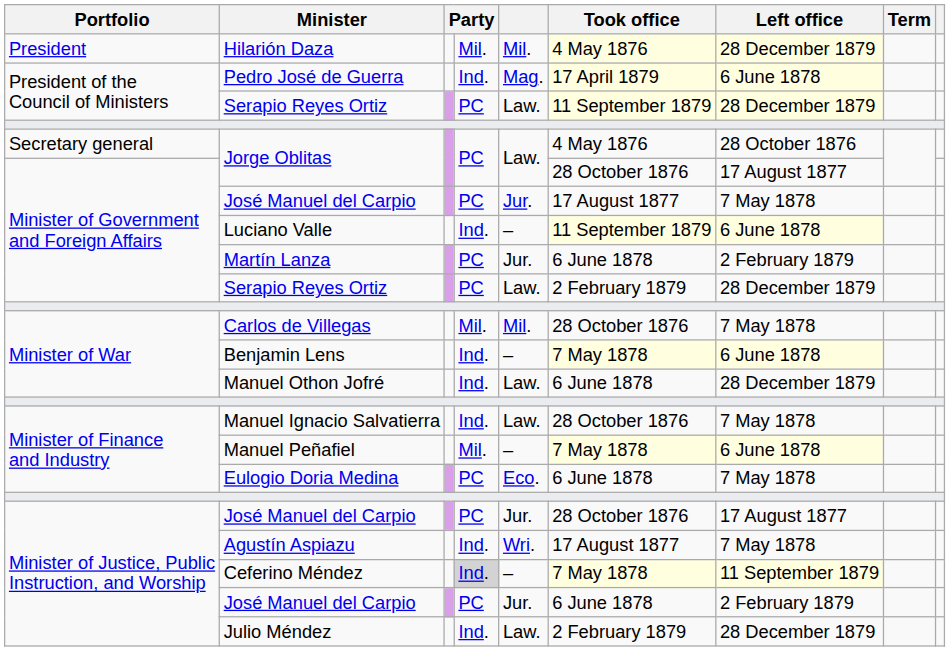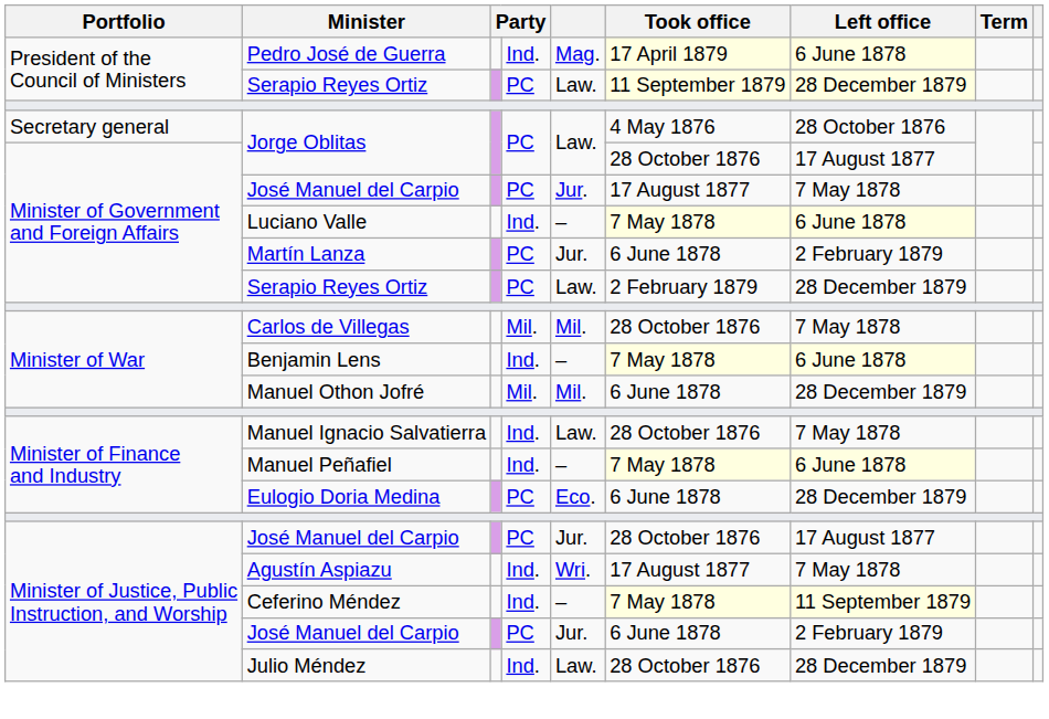 <table class="wikitable" style="font-size: 90%;">
 <tr>
 <th>Portfolio</th>
 <th>Minister</th>
 <th colspan="2">Party</th>
 <th></th>
 <th>Took office</th>
 <th>Left office</th>
 <th>Term</th>
 <th></th>
-</tr>
-<tr>
-<td><a href='#'>President</a></td>
-<td><a href='#'>Hilarión Daza</a></td>
-<td style="background-color:"></td>
-<td><a href='#'>Mil</a>.</td>
-<td><a href='#'>Mil</a>.</td>
-<td style="background-color:#FFFFE0;">4 May 1876</td>
-<td style="background-color:#FFFFE0;">28 December 1879</td>
-<td></td>
-<td></td>
 </tr>
 <tr>
 <td rowspan=2>President of the<br>Council of Ministers</td>
 <td><a href='#'>Pedro José de Guerra</a></td>
 <td style="background-color:"></td>
 <td><a href='#'>Ind</a>.</td>
 <td><a href='#'>Mag</a>.</td>
 <td style="background-color:#FFFFE0;">17 April 1879</td>
 <td style="background-color:#FFFFE0;">6 June 1878</td>
 <td></td>
 <td></td>
 </tr>
 <tr>
 <td><a href='#'>Serapio Reyes Ortiz</a></td>
 <td style="background-color:#D99FE8;"></td>
 <td><a href='#'>PC</a></td>
 <td>Law.</td>
 <td style="background-color:#FFFFE0;">11 September 1879</td>
 <td style="background-color:#FFFFE0;">28 December 1879</td>
 <td></td>
 <td></td>
 </tr>
 <tr>
 <td colspan="9" bgcolor="#EAECF0"></td>
 </tr>
 <tr>
 <td>Secretary general</td>
 <td rowspan=2><a href='#'>Jorge Oblitas</a></td>
 <td rowspan=2 style="background-color:#D99FE8;"></td>
 <td rowspan=2><a href='#'>PC</a></td>
 <td rowspan=2>Law.</td>
 <td>4 May 1876</td>
 <td>28 October 1876</td>
 <td rowspan=2></td>
 <td></td>
 </tr>
 <tr>
 <td rowspan=5><a href='#'>Minister of Government<br>and Foreign Affairs</a></td>
 <td>28 October 1876</td>
 <td>17 August 1877</td>
 <td></td>
 </tr>
 <tr>
 <td><a href='#'>José Manuel del Carpio</a></td>
 <td style="background-color:#D99FE8;"></td>
 <td><a href='#'>PC</a></td>
 <td><a href='#'>Jur</a>.</td>
 <td>17 August 1877</td>
 <td>7 May 1878</td>
 <td></td>
 <td></td>
 </tr>
 <tr>
 <td>Luciano Valle</td>
 <td style="background-color:"></td>
 <td><a href='#'>Ind</a>.</td>
 <td>–</td>
-<td style="background-color:#FFFFE0;">11 September 1879</td>
+<td style="background-color:#FFFFE0;">7 May 1878</td>
 <td style="background-color:#FFFFE0;">6 June 1878</td>
 <td></td>
 <td></td>
 </tr>
 <tr>
 <td><a href='#'>Martín Lanza</a></td>
 <td style="background-color:#D99FE8;"></td>
 <td><a href='#'>PC</a></td>
 <td>Jur.</td>
 <td>6 June 1878</td>
 <td>2 February 1879</td>
 <td></td>
 <td></td>
 </tr>
 <tr>
 <td><a href='#'>Serapio Reyes Ortiz</a></td>
 <td style="background-color:#D99FE8;"></td>
 <td><a href='#'>PC</a></td>
 <td>Law.</td>
 <td>2 February 1879</td>
 <td>28 December 1879</td>
 <td></td>
 <td></td>
 </tr>
 <tr>
 <td colspan="9" bgcolor="#EAECF0"></td>
 </tr>
 <tr>
 <td rowspan=3><a href='#'>Minister of War</a></td>
 <td><a href='#'>Carlos de Villegas</a></td>
 <td style="background-color:"></td>
 <td><a href='#'>Mil</a>.</td>
 <td><a href='#'>Mil</a>.</td>
 <td>28 October 1876</td>
 <td>7 May 1878</td>
 <td></td>
 <td></td>
 </tr>
 <tr>
 <td>Benjamin Lens</td>
 <td style="background-color:"></td>
 <td><a href='#'>Ind</a>.</td>
 <td>–</td>
 <td style="background-color:#FFFFE0;">7 May 1878</td>
 <td style="background-color:#FFFFE0;">6 June 1878</td>
 <td></td>
 <td></td>
 </tr>
 <tr>
 <td>Manuel Othon Jofré</td>
 <td style="background-color:"></td>
-<td><a href='#'>Ind</a>.</td>
-<td>Law.</td>
+<td><a href='#'>Mil</a>.</td>
+<td><a href='#'>Mil</a>.</td>
 <td>6 June 1878</td>
 <td>28 December 1879</td>
 <td></td>
 <td></td>
 </tr>
 <tr>
 <td colspan="9" bgcolor="#EAECF0"></td>
 </tr>
 <tr>
 <td rowspan=3><a href='#'>Minister of Finance<br>and Industry</a></td>
 <td>Manuel Ignacio Salvatierra</td>
 <td style="background-color:"></td>
 <td><a href='#'>Ind</a>.</td>
 <td>Law.</td>
 <td>28 October 1876</td>
 <td>7 May 1878</td>
 <td></td>
 <td></td>
 </tr>
 <tr>
 <td>Manuel Peñafiel</td>
 <td style="background-color:"></td>
-<td><a href='#'>Mil</a>.</td>
+<td><a href='#'>Ind</a>.</td>
 <td>–</td>
 <td style="background-color:#FFFFE0;">7 May 1878</td>
 <td style="background-color:#FFFFE0;">6 June 1878</td>
 <td></td>
 <td></td>
 </tr>
 <tr>
 <td><a href='#'>Eulogio Doria Medina</a></td>
 <td style="background-color:#D99FE8;"></td>
 <td><a href='#'>PC</a></td>
 <td><a href='#'>Eco</a>.</td>
 <td>6 June 1878</td>
-<td>7 May 1878</td>
+<td>28 December 1879</td>
 <td></td>
 <td></td>
 </tr>
 <tr>
 <td colspan="9" bgcolor="#EAECF0"></td>
 </tr>
 <tr>
 <td rowspan=5><a href='#'>Minister of Justice, Public<br>Instruction, and Worship</a></td>
 <td><a href='#'>José Manuel del Carpio</a></td>
 <td style="background-color:#D99FE8;"></td>
 <td><a href='#'>PC</a></td>
 <td>Jur.</td>
 <td>28 October 1876</td>
 <td>17 August 1877</td>
 <td></td>
 <td></td>
 </tr>
 <tr>
 <td><a href='#'>Agustín Aspiazu</a></td>
 <td style="background-color:"></td>
 <td><a href='#'>Ind</a>.</td>
 <td><a href='#'>Wri</a>.</td>
 <td>17 August 1877</td>
 <td>7 May 1878</td>
 <td></td>
 <td></td>
 </tr>
 <tr>
 <td>Ceferino Méndez</td>
 <td style="background-color:"></td>
-<td style="background: lightgrey;"><a href='#'>Ind</a>.</td>
+<td><a href='#'>Ind</a>.</td>
 <td>–</td>
 <td style="background-color:#FFFFE0;">7 May 1878</td>
 <td style="background-color:#FFFFE0;">11 September 1879</td>
 <td></td>
 <td></td>
 </tr>
 <tr>
 <td><a href='#'>José Manuel del Carpio</a></td>
 <td style="background-color:#D99FE8;"></td>
 <td><a href='#'>PC</a></td>
 <td>Jur.</td>
 <td>6 June 1878</td>
 <td>2 February 1879</td>
 <td></td>
 <td></td>
 </tr>
 <tr>
 <td>Julio Méndez</td>
 <td style="background-color:"></td>
 <td><a href='#'>Ind</a>.</td>
 <td>Law.</td>
-<td>2 February 1879</td>
+<td>28 October 1876</td>
 <td>28 December 1879</td>
 <td></td>
 <td></td>
 </tr>
 </table>
